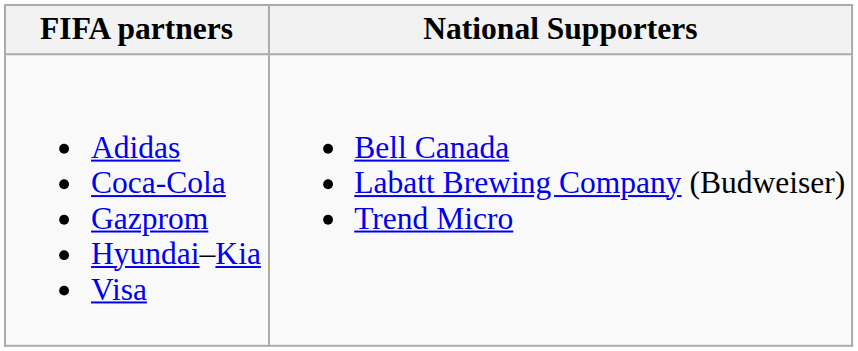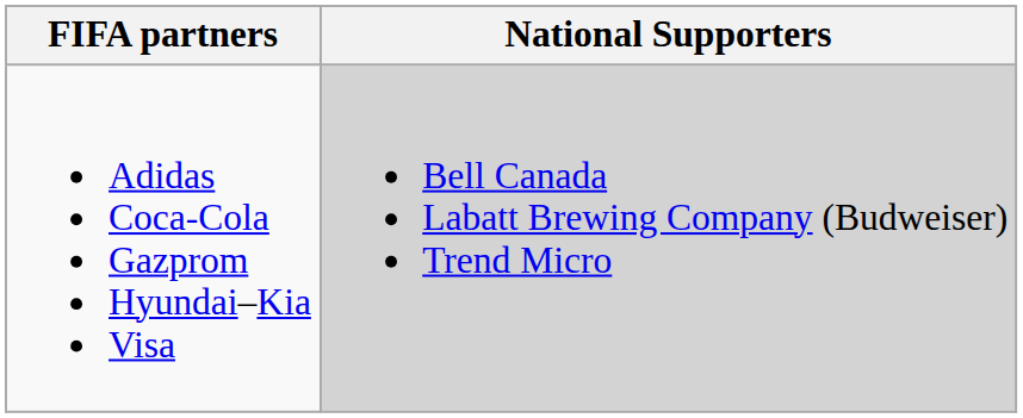 <table class="wikitable sortable">
 <tr>
 <th>FIFA partners</th>
 <th>National Supporters</th>
 </tr>
 <tr>
 <td style="vertical-align:top"><br><ul><li><a href='#'>Adidas</a></li><li><a href='#'>Coca-Cola</a></li><li><a href='#'>Gazprom</a></li><li><a href='#'>Hyundai</a>–<a href='#'>Kia</a></li><li><a href='#'>Visa</a></li></ul></td>
-<td style="vertical-align:top;"><br><ul><li><a href='#'>Bell Canada</a></li><li><a href='#'>Labatt Brewing Company</a> (Budweiser)</li><li><a href='#'>Trend Micro</a></li></ul></td>
+<td style="background: lightgrey; vertical-align:top;"><br><ul><li><a href='#'>Bell Canada</a></li><li><a href='#'>Labatt Brewing Company</a> (Budweiser)</li><li><a href='#'>Trend Micro</a></li></ul></td>
 </tr>
 </table>
